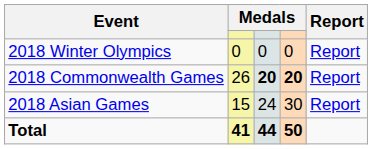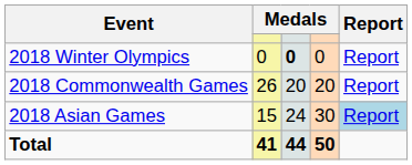 <table class=wikitable>
 <tr>
 <th rowspan=2>Event</th>
 <th colspan=3>Medals</th>
 <th rowspan=2>Report</th>
 </tr>
 <tr>
 <th style="background:#f7f6a8;"></th>
 <th style="background:#dce5e5;"></th>
 <th style="background:#ffdab9;"></th>
 </tr>
 <tr>
 <td><a href='#'>2018 Winter Olympics</a></td>
 <td style="background:#f7f6a8;">0</td>
-<td style="background:#dce5e5;">0</td>
+<td style="background:#dce5e5;"><strong>0</strong></td>
 <td style="background:#ffdab9;">0</td>
 <td><a href='#'>Report</a></td>
 </tr>
 <tr>
 <td><a href='#'>2018 Commonwealth Games</a></td>
 <td style="background:#f7f6a8;">26</td>
-<td style="background:#dce5e5;"><strong>20</strong></td>
-<td style="background:#ffdab9;"><strong>20</strong></td>
+<td style="background:#dce5e5;">20</td>
+<td style="background:#ffdab9;">20</td>
 <td><a href='#'>Report</a></td>
 </tr>
 <tr>
 <td><a href='#'>2018 Asian Games</a></td>
 <td style="background:#f7f6a8;">15</td>
 <td style="background:#dce5e5;">24</td>
 <td style="background:#ffdab9;">30</td>
-<td><a href='#'>Report</a></td>
+<td style="background: lightblue;"><a href='#'>Report</a></td>
 </tr>
 <tr>
 <td><strong>Total</strong></td>
 <td style="background:#f7f6a8;"><strong>41</strong></td>
 <td style="background:#dce5e5;"><strong>44</strong></td>
 <td style="background:#ffdab9;"><strong>50</strong></td>
 <td></td>
 </tr>
 </table>
